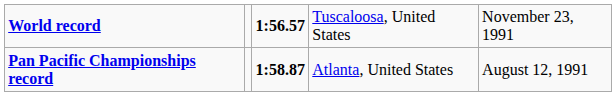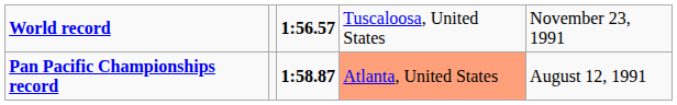 <table class="wikitable">
 <tr>
 <td><strong><a href='#'>World record</a></strong></td>
 <td></td>
 <td><strong>1:56.57</strong></td>
 <td><a href='#'>Tuscaloosa</a>, United States</td>
 <td>November 23, 1991</td>
 </tr>
 <tr>
 <td><strong><a href='#'>Pan Pacific Championships record</a></strong></td>
 <td></td>
 <td><strong>1:58.87</strong></td>
-<td><a href='#'>Atlanta</a>, United States</td>
+<td style="background: lightsalmon;"><a href='#'>Atlanta</a>, United States</td>
 <td>August 12, 1991</td>
 </tr>
 </table>
